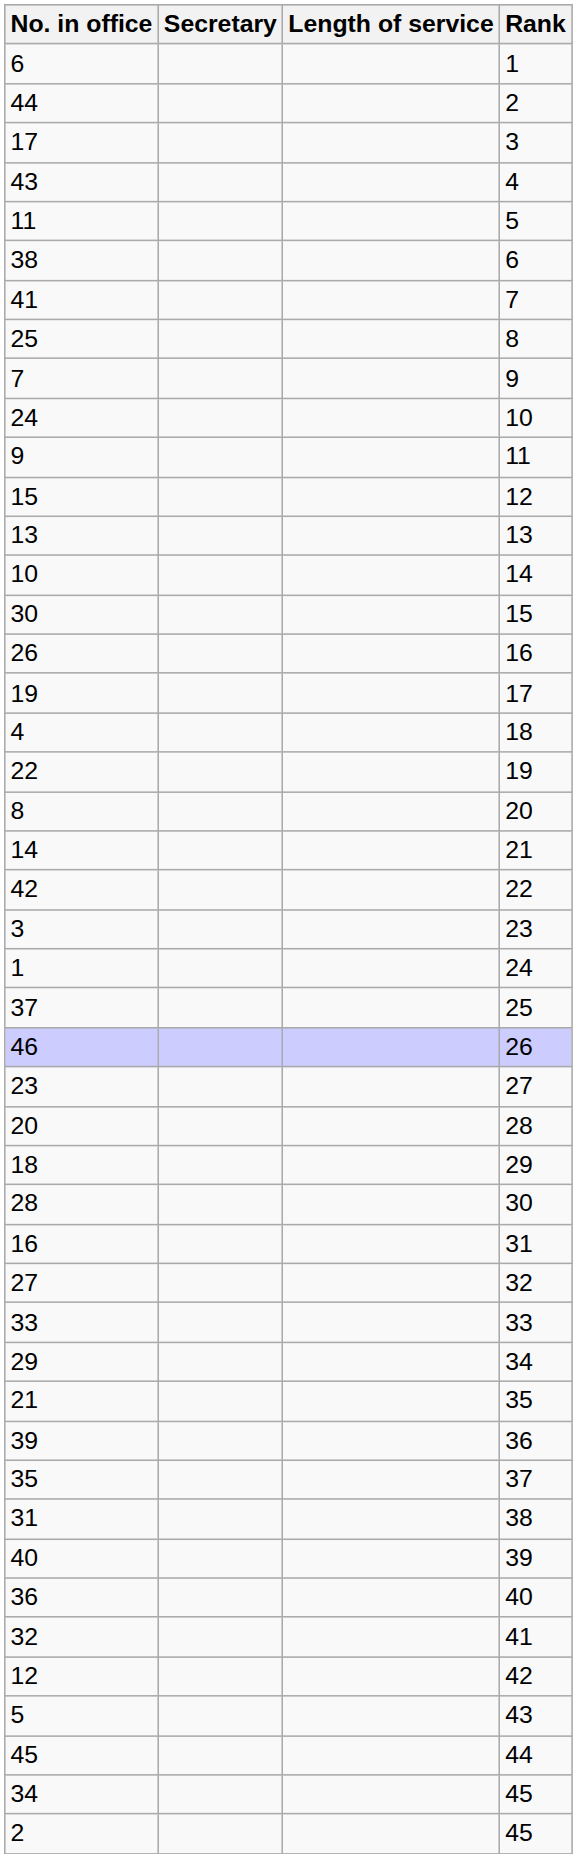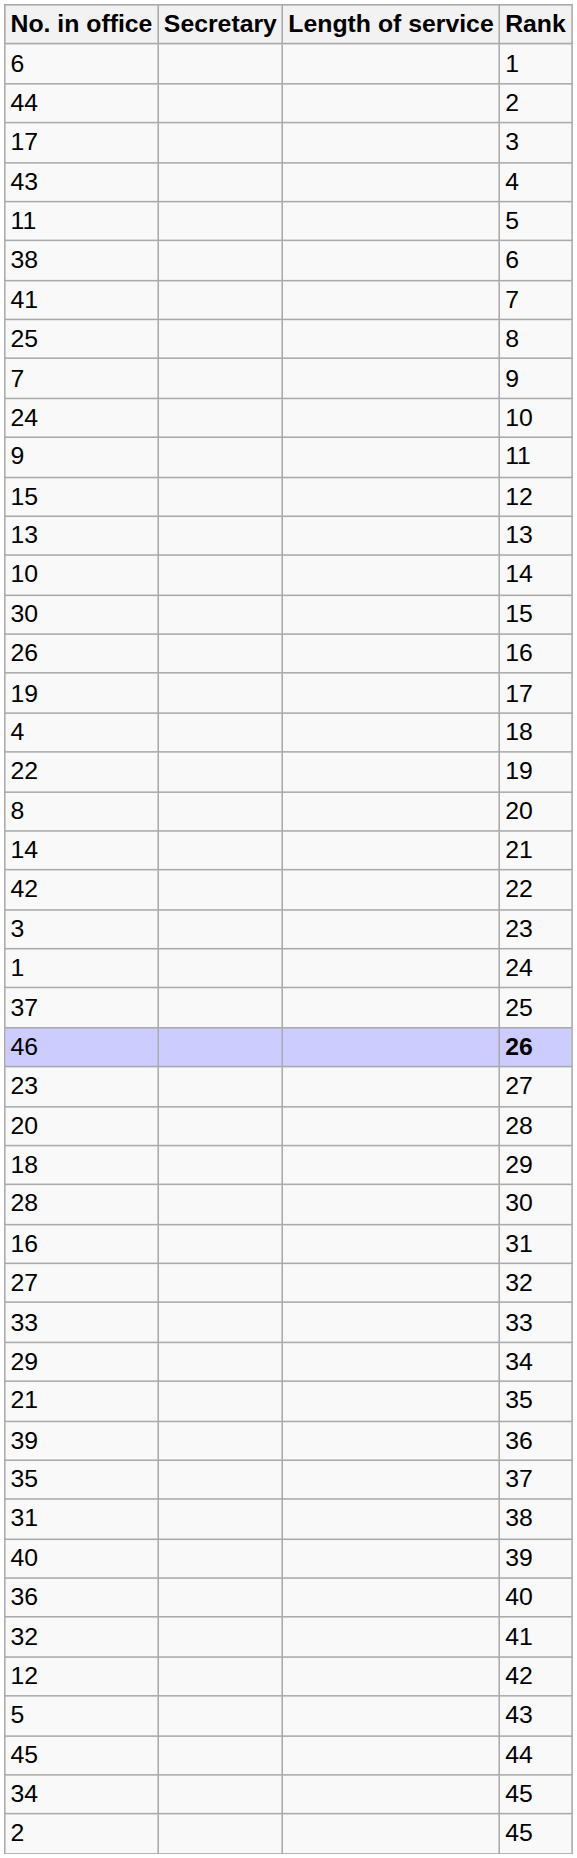 <table class="sortable wikitable">
 <tr align="center" bgcolor="#cccccc">
 <th>No. in office</th>
 <th>Secretary</th>
 <th>Length of service</th>
 <th>Rank</th>
 </tr>
 <tr>
 <td>6</td>
 <td></td>
 <td></td>
 <td>1</td>
 </tr>
 <tr>
 <td>44</td>
 <td></td>
 <td></td>
 <td>2</td>
 </tr>
 <tr>
 <td>17</td>
 <td></td>
 <td></td>
 <td>3</td>
 </tr>
 <tr>
 <td>43</td>
 <td></td>
 <td></td>
 <td>4</td>
 </tr>
 <tr>
 <td>11</td>
 <td></td>
 <td></td>
 <td>5</td>
 </tr>
 <tr>
 <td>38</td>
 <td></td>
 <td></td>
 <td>6</td>
 </tr>
 <tr>
 <td>41</td>
 <td></td>
 <td></td>
 <td>7</td>
 </tr>
 <tr>
 <td>25</td>
 <td></td>
 <td></td>
 <td>8</td>
 </tr>
 <tr>
 <td>7</td>
 <td></td>
 <td></td>
 <td>9</td>
 </tr>
 <tr>
 <td>24</td>
 <td></td>
 <td></td>
 <td>10</td>
 </tr>
 <tr>
 <td>9</td>
 <td></td>
 <td></td>
 <td>11</td>
 </tr>
 <tr>
 <td>15</td>
 <td></td>
 <td></td>
 <td>12</td>
 </tr>
 <tr>
 <td>13</td>
 <td></td>
 <td></td>
 <td>13</td>
 </tr>
 <tr>
 <td>10</td>
 <td></td>
 <td></td>
 <td>14</td>
 </tr>
 <tr>
 <td>30</td>
 <td></td>
 <td></td>
 <td>15</td>
 </tr>
 <tr>
 <td>26</td>
 <td></td>
 <td></td>
 <td>16</td>
 </tr>
 <tr>
 <td>19</td>
 <td></td>
 <td></td>
 <td>17</td>
 </tr>
 <tr>
 <td>4</td>
 <td></td>
 <td></td>
 <td>18</td>
 </tr>
 <tr>
 <td>22</td>
 <td></td>
 <td></td>
 <td>19</td>
 </tr>
 <tr>
 <td>8</td>
 <td></td>
 <td></td>
 <td>20</td>
 </tr>
 <tr>
 <td>14</td>
 <td></td>
 <td></td>
 <td>21</td>
 </tr>
 <tr>
 <td>42</td>
 <td></td>
 <td></td>
 <td>22</td>
 </tr>
 <tr>
 <td>3</td>
 <td></td>
 <td></td>
 <td>23</td>
 </tr>
 <tr>
 <td>1</td>
 <td></td>
 <td></td>
 <td>24</td>
 </tr>
 <tr>
 <td>37</td>
 <td></td>
 <td></td>
 <td>25</td>
 </tr>
 <tr bgcolor="#CCCCFF">
 <td>46</td>
 <td></td>
 <td></td>
-<td>26</td>
+<td><strong>26</strong></td>
 </tr>
 <tr>
 <td>23</td>
 <td></td>
 <td></td>
 <td>27</td>
 </tr>
 <tr>
 <td>20</td>
 <td></td>
 <td></td>
 <td>28</td>
 </tr>
 <tr>
 <td>18</td>
 <td></td>
 <td></td>
 <td>29</td>
 </tr>
 <tr>
 <td>28</td>
 <td></td>
 <td></td>
 <td>30</td>
 </tr>
 <tr>
 <td>16</td>
 <td></td>
 <td></td>
 <td>31</td>
 </tr>
 <tr>
 <td>27</td>
 <td></td>
 <td></td>
 <td>32</td>
 </tr>
 <tr>
 <td>33</td>
 <td></td>
 <td></td>
 <td>33</td>
 </tr>
 <tr>
 <td>29</td>
 <td></td>
 <td></td>
 <td>34</td>
 </tr>
 <tr>
 <td>21</td>
 <td></td>
 <td></td>
 <td>35</td>
 </tr>
 <tr>
 <td>39</td>
 <td></td>
 <td></td>
 <td>36</td>
 </tr>
 <tr>
 <td>35</td>
 <td></td>
 <td></td>
 <td>37</td>
 </tr>
 <tr>
 <td>31</td>
 <td></td>
 <td></td>
 <td>38</td>
 </tr>
 <tr>
 <td>40</td>
 <td></td>
 <td></td>
 <td>39</td>
 </tr>
 <tr>
 <td>36</td>
 <td></td>
 <td></td>
 <td>40</td>
 </tr>
 <tr>
 <td>32</td>
 <td></td>
 <td></td>
 <td>41</td>
 </tr>
 <tr>
 <td>12</td>
 <td></td>
 <td></td>
 <td>42</td>
 </tr>
 <tr>
 <td>5</td>
 <td></td>
 <td></td>
 <td>43</td>
 </tr>
 <tr>
 <td>45</td>
 <td></td>
 <td></td>
 <td>44</td>
 </tr>
 <tr>
 <td>34</td>
 <td></td>
 <td></td>
 <td>45</td>
 </tr>
 <tr>
 <td>2</td>
 <td></td>
 <td></td>
 <td>45</td>
 </tr>
 </table>
